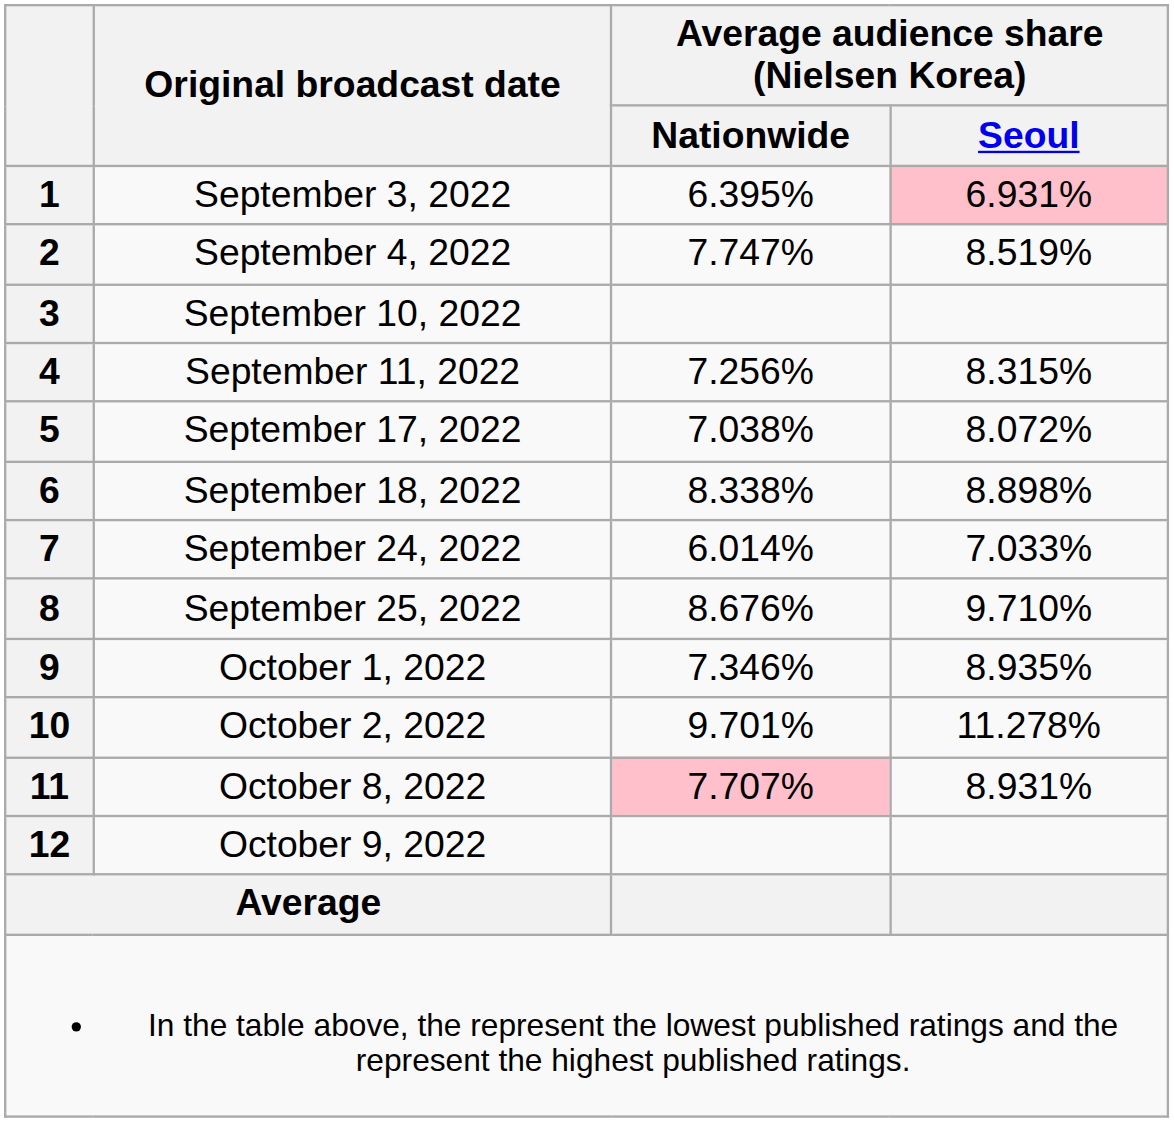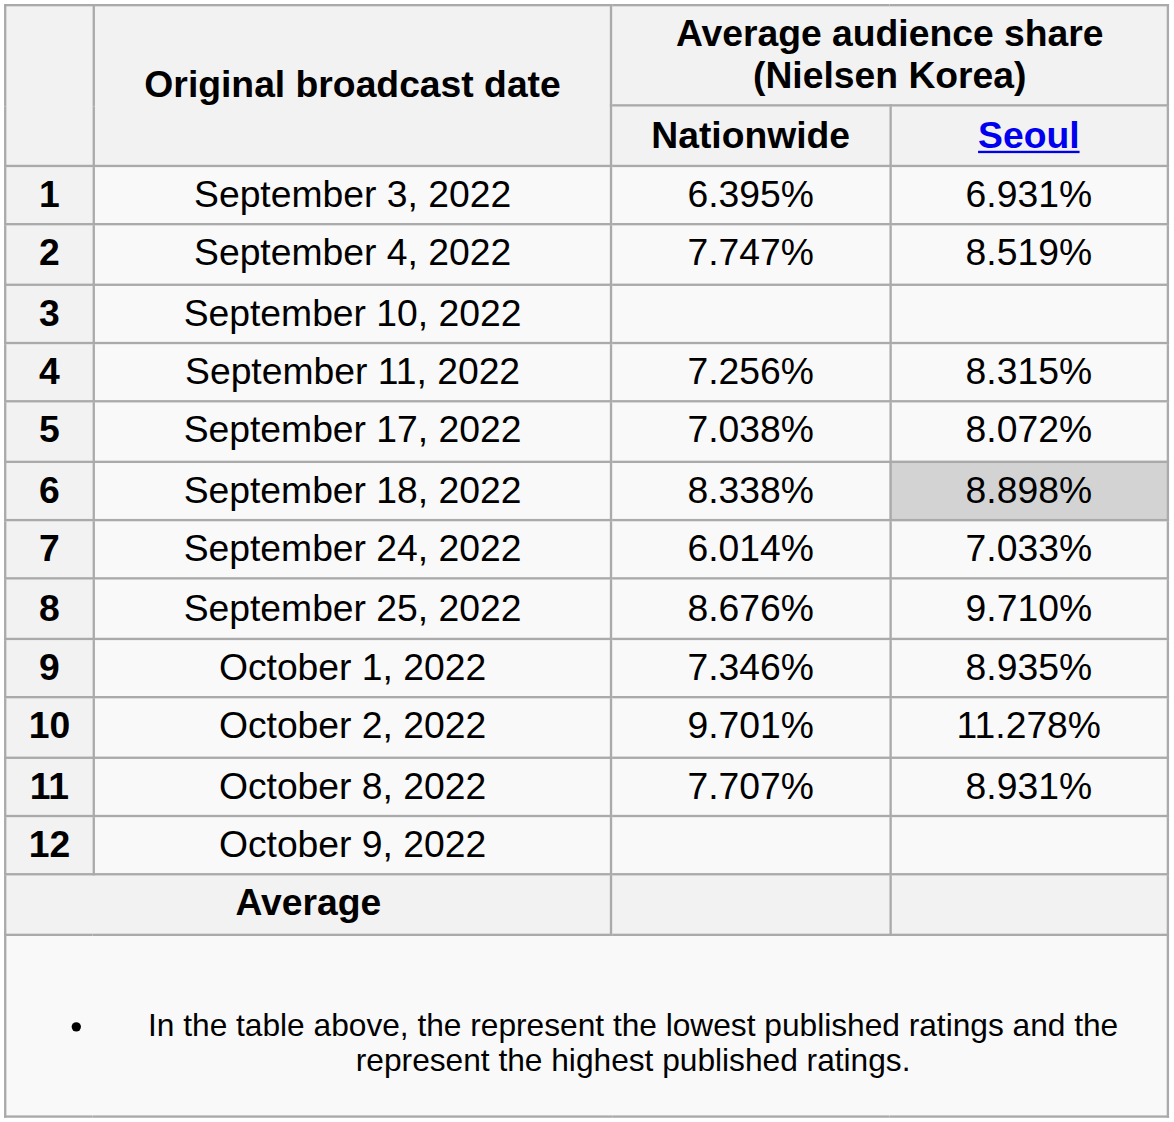 <table class="wikitable" style="margin-left:auto; margin-right:auto; width:500px; text-align:center">
 <tr>
 <th scope="col" rowspan="2"></th>
 <th scope="col" rowspan="2">Original broadcast date</th>
 <th scope="col" colspan="2">Average audience share<br>(Nielsen Korea)</th>
 </tr>
 <tr>
 <th scope="col" style="width:7em">Nationwide</th>
 <th scope="col" style="width:7em"><a href='#'>Seoul</a></th>
 </tr>
 <tr>
 <th scope="col">1</th>
 <td>September 3, 2022</td>
 <td>6.395% </td>
-<td style="background: pink;">6.931% </td>
+<td>6.931% </td>
 </tr>
 <tr>
 <th scope="col">2</th>
 <td>September 4, 2022</td>
 <td>7.747% </td>
 <td>8.519% </td>
 </tr>
 <tr>
 <th scope="col">3</th>
 <td>September 10, 2022</td>
 <td><strong></strong> </td>
 <td><strong></strong> </td>
 </tr>
 <tr>
 <th scope="col">4</th>
 <td>September 11, 2022</td>
 <td>7.256% </td>
 <td>8.315% </td>
 </tr>
 <tr>
 <th scope="col">5</th>
 <td>September 17, 2022</td>
 <td>7.038% </td>
 <td>8.072% </td>
 </tr>
 <tr>
 <th scope="col">6</th>
 <td>September 18, 2022</td>
 <td>8.338% </td>
-<td>8.898% </td>
+<td style="background: lightgrey;">8.898% </td>
 </tr>
 <tr>
 <th scope="col">7</th>
 <td>September 24, 2022</td>
 <td>6.014% </td>
 <td>7.033% </td>
 </tr>
 <tr>
 <th scope="col">8</th>
 <td>September 25, 2022</td>
 <td>8.676% </td>
 <td>9.710% </td>
 </tr>
 <tr>
 <th scope="col">9</th>
 <td>October 1, 2022</td>
 <td>7.346% </td>
 <td>8.935% </td>
 </tr>
 <tr>
 <th scope="col">10</th>
 <td>October 2, 2022</td>
 <td>9.701% </td>
 <td>11.278% </td>
 </tr>
 <tr>
 <th scope="col">11</th>
 <td>October 8, 2022</td>
-<td style="background: pink;">7.707% </td>
+<td>7.707% </td>
 <td>8.931% </td>
 </tr>
 <tr>
 <th scope="col">12</th>
 <td>October 9, 2022</td>
 <td><strong></strong> </td>
 <td><strong></strong> </td>
 </tr>
 <tr>
 <th scope="col" colspan="2">Average</th>
 <th scope="col"></th>
 <th scope="col"></th>
 </tr>
 <tr>
 <td colspan="4" style="font-size:85%"><br><ul><li>In the table above, the <strong></strong> represent the lowest published ratings and the <strong></strong> represent the highest published ratings.</li></ul></td>
 </tr>
 </table>
